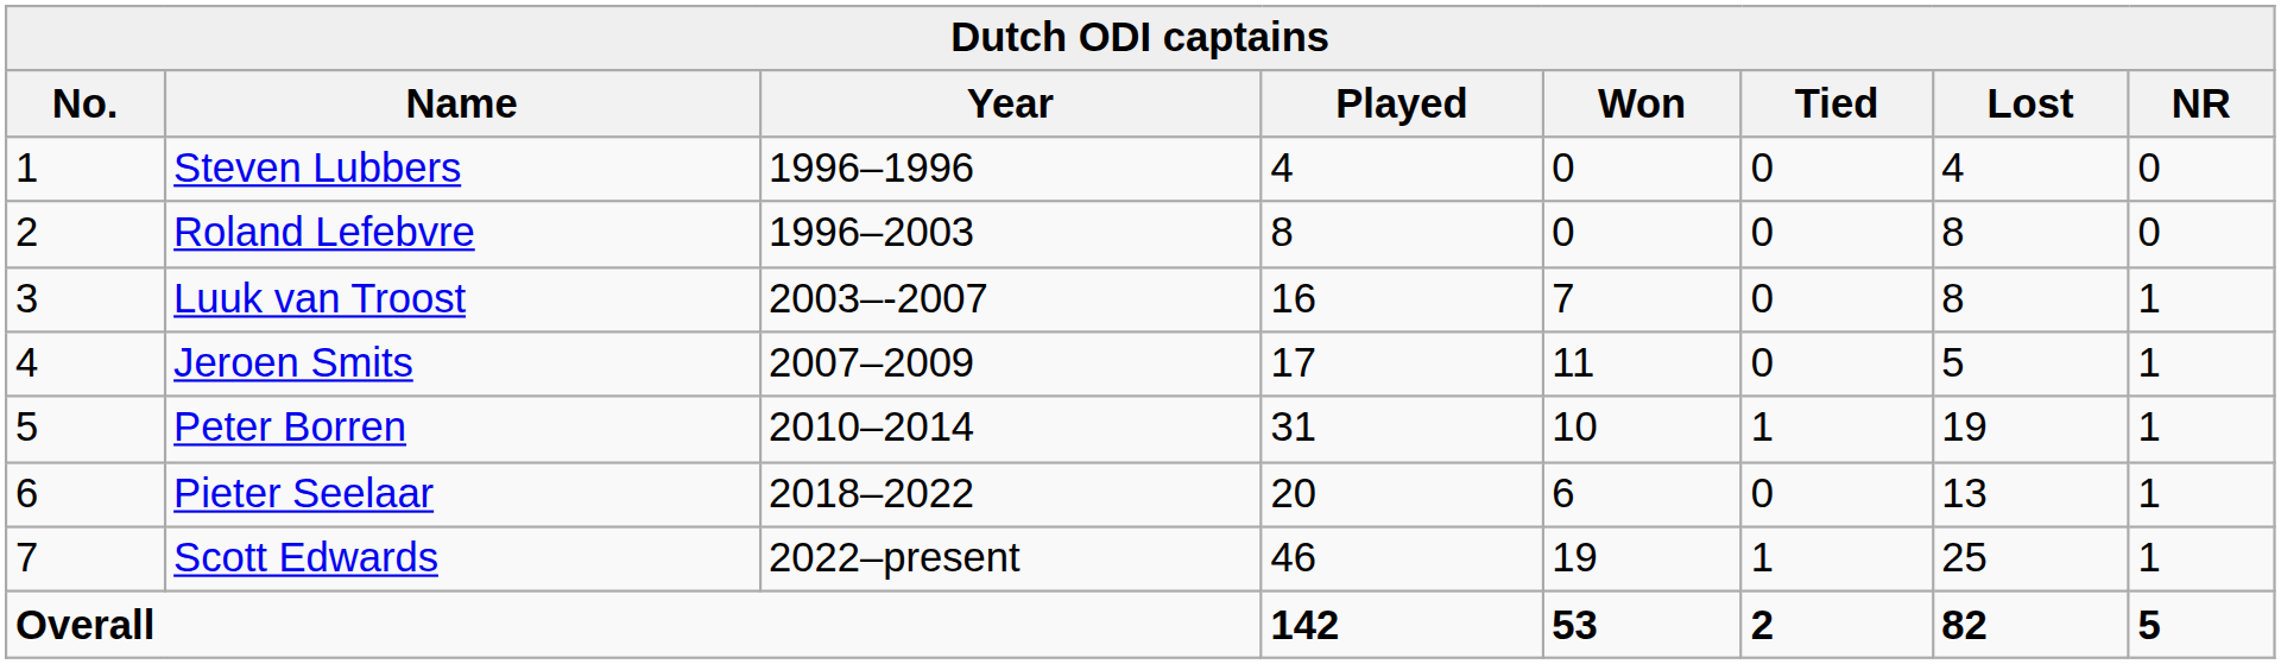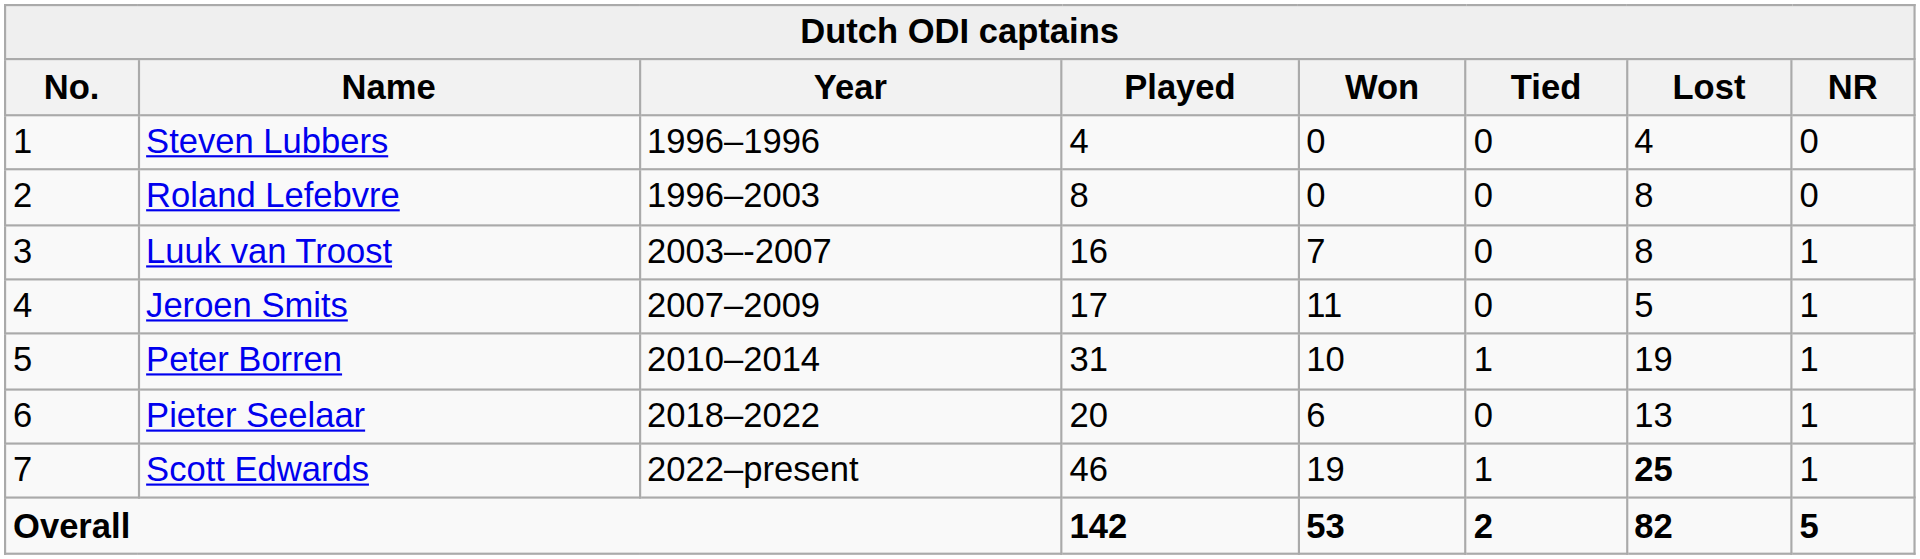 <table class="wikitable" style="width:70%;">
 <tr>
 <th colspan="8" style="background:#efefef;">Dutch ODI captains</th>
 </tr>
 <tr style="background:#efefef;">
 <th>No.</th>
 <th>Name</th>
 <th>Year</th>
 <th>Played</th>
 <th>Won</th>
 <th>Tied</th>
 <th>Lost</th>
 <th>NR</th>
 </tr>
 <tr>
 <td>1</td>
 <td><a href='#'>Steven Lubbers</a></td>
 <td>1996–1996</td>
 <td>4</td>
 <td>0</td>
 <td>0</td>
 <td>4</td>
 <td>0</td>
 </tr>
 <tr>
 <td>2</td>
 <td><a href='#'>Roland Lefebvre</a></td>
 <td>1996–2003</td>
 <td>8</td>
 <td>0</td>
 <td>0</td>
 <td>8</td>
 <td>0</td>
 </tr>
 <tr>
 <td>3</td>
 <td><a href='#'>Luuk van Troost</a></td>
 <td>2003–-2007</td>
 <td>16</td>
 <td>7</td>
 <td>0</td>
 <td>8</td>
 <td>1</td>
 </tr>
 <tr>
 <td>4</td>
 <td><a href='#'>Jeroen Smits</a></td>
 <td>2007–2009</td>
 <td>17</td>
 <td>11</td>
 <td>0</td>
 <td>5</td>
 <td>1</td>
 </tr>
 <tr>
 <td>5</td>
 <td><a href='#'>Peter Borren</a></td>
 <td>2010–2014</td>
 <td>31</td>
 <td>10</td>
 <td>1</td>
 <td>19</td>
 <td>1</td>
 </tr>
 <tr>
 <td>6</td>
 <td><a href='#'>Pieter Seelaar</a></td>
 <td>2018–2022</td>
 <td>20</td>
 <td>6</td>
 <td>0</td>
 <td>13</td>
 <td>1</td>
 </tr>
 <tr>
 <td>7</td>
 <td><a href='#'>Scott Edwards</a></td>
 <td>2022–present</td>
 <td>46</td>
 <td>19</td>
 <td>1</td>
-<td>25</td>
+<td><strong>25</strong></td>
 <td>1</td>
 </tr>
 <tr>
 <td colspan=3><strong>Overall</strong></td>
 <td><strong>142</strong></td>
 <td><strong>53</strong></td>
 <td><strong>2</strong></td>
 <td><strong>82</strong></td>
 <td><strong>5</strong></td>
 </tr>
 </table>
